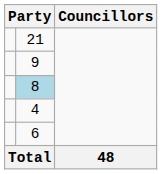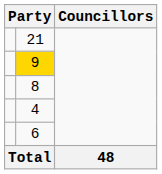 <table class="wikitable">
 <tr>
 <th colspan=2>Party</th>
 <th>Councillors</th>
 </tr>
 <tr>
 <td></td>
 <td align=center>21</td>
 </tr>
 <tr>
 <td></td>
-<td align=center>9</td>
+<td align=center style="background: gold;">9</td>
 </tr>
 <tr>
 <td></td>
-<td align=center style="background: lightblue;">8</td>
+<td align=center>8</td>
 </tr>
 <tr>
 <td></td>
 <td align=center>4</td>
 </tr>
 <tr>
 <td></td>
 <td align=center>6</td>
 </tr>
 <tr>
 <th colspan=2>Total</th>
 <th>48</th>
 </tr>
 </table>
